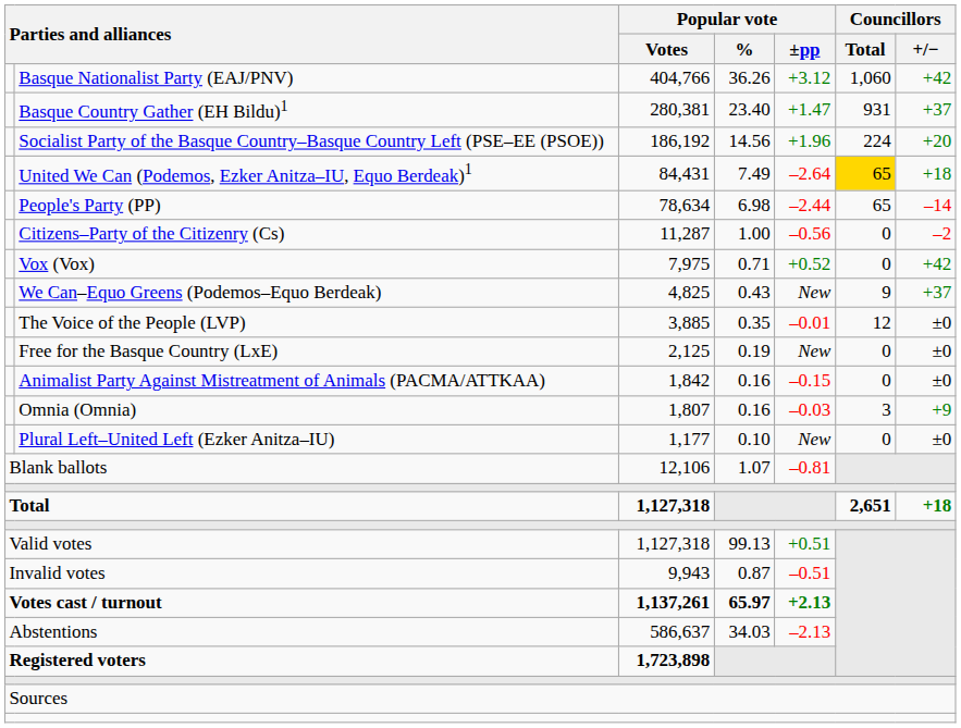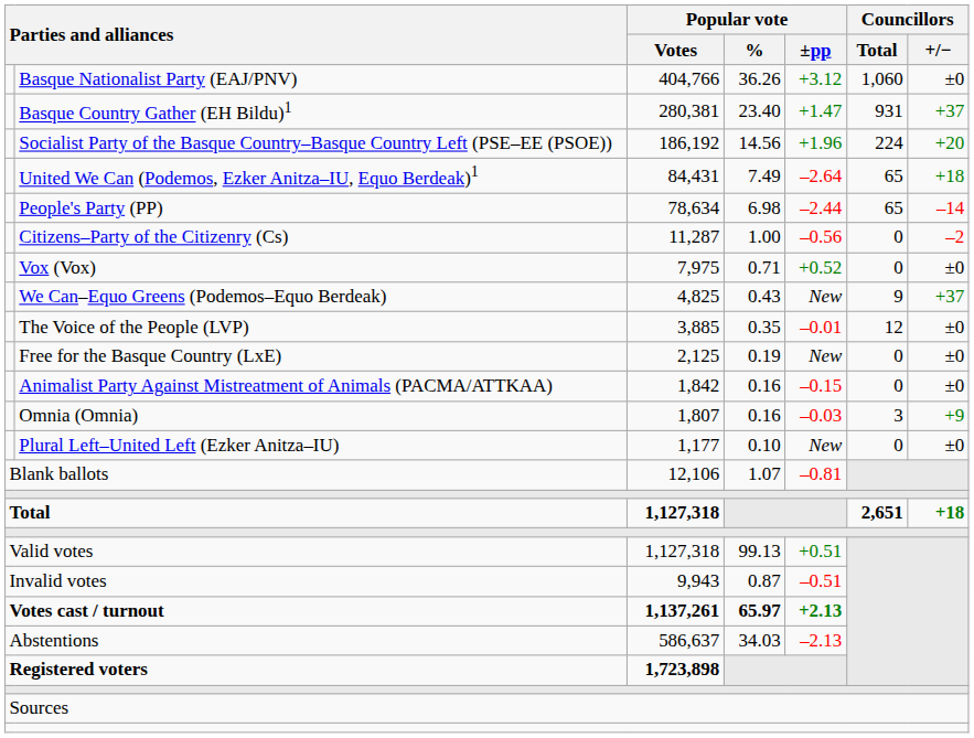 <table class="wikitable" style="text-align:right;">
 <tr>
 <th style="text-align:left;" rowspan="2" colspan="2" width="525">Parties and alliances</th>
 <th colspan="3">Popular vote</th>
 <th colspan="2">Councillors</th>
 </tr>
 <tr>
 <th width="75">Votes</th>
 <th width="45">%</th>
 <th width="45">±<a href='#'>pp</a></th>
 <th width="45">Total</th>
 <th width="45">+/−</th>
 </tr>
 <tr>
 <td width="1" style="color:inherit;background:"></td>
 <td align="left"><a href='#'>Basque Nationalist Party</a> (EAJ/PNV)</td>
 <td>404,766</td>
 <td>36.26</td>
 <td style="color:green;">+3.12</td>
 <td>1,060</td>
-<td style="color:green;">+42</td>
+<td>±0</td>
 </tr>
 <tr>
 <td style="color:inherit;background:"></td>
 <td align="left"><a href='#'>Basque Country Gather</a> (EH Bildu)<sup>1</sup></td>
 <td>280,381</td>
 <td>23.40</td>
 <td style="color:green;">+1.47</td>
 <td>931</td>
 <td style="color:green;">+37</td>
 </tr>
 <tr>
 <td style="color:inherit;background:"></td>
 <td align="left"><a href='#'>Socialist Party of the Basque Country–Basque Country Left</a> (PSE–EE (PSOE))</td>
 <td>186,192</td>
 <td>14.56</td>
 <td style="color:green;">+1.96</td>
 <td>224</td>
 <td style="color:green;">+20</td>
 </tr>
 <tr>
 <td style="color:inherit;background:"></td>
 <td align="left"><a href='#'>United We Can</a> (<a href='#'>Podemos</a>, <a href='#'>Ezker Anitza–IU</a>, <a href='#'>Equo Berdeak</a>)<sup>1</sup></td>
 <td>84,431</td>
 <td>7.49</td>
 <td style="color:red;">–2.64</td>
-<td style="background: gold;">65</td>
+<td>65</td>
 <td style="color:green;">+18</td>
 </tr>
 <tr>
 <td style="color:inherit;background:"></td>
 <td align="left"><a href='#'>People's Party</a> (PP)</td>
 <td>78,634</td>
 <td>6.98</td>
 <td style="color:red;">–2.44</td>
 <td>65</td>
 <td style="color:red;">–14</td>
 </tr>
 <tr>
 <td style="color:inherit;background:"></td>
 <td align="left"><a href='#'>Citizens–Party of the Citizenry</a> (Cs)</td>
 <td>11,287</td>
 <td>1.00</td>
 <td style="color:red;">–0.56</td>
 <td>0</td>
 <td style="color:red;">–2</td>
 </tr>
 <tr>
 <td style="color:inherit;background:"></td>
 <td align="left"><a href='#'>Vox</a> (Vox)</td>
 <td>7,975</td>
 <td>0.71</td>
 <td style="color:green;">+0.52</td>
 <td>0</td>
-<td style="color:green;">+42</td>
+<td>±0</td>
 </tr>
 <tr>
 <td style="color:inherit;background:"></td>
 <td align="left"><a href='#'>We Can</a>–<a href='#'>Equo Greens</a> (Podemos–Equo Berdeak)</td>
 <td>4,825</td>
 <td>0.43</td>
 <td><em>New</em></td>
 <td>9</td>
 <td style="color:green;">+37</td>
 </tr>
 <tr>
 <td style="color:inherit;background:"></td>
 <td align="left">The Voice of the People (LVP)</td>
 <td>3,885</td>
 <td>0.35</td>
 <td style="color:red;">–0.01</td>
 <td>12</td>
 <td>±0</td>
 </tr>
 <tr>
 <td style="color:inherit;background:"></td>
 <td align="left">Free for the Basque Country (LxE)</td>
 <td>2,125</td>
 <td>0.19</td>
 <td><em>New</em></td>
 <td>0</td>
 <td>±0</td>
 </tr>
 <tr>
 <td style="color:inherit;background:"></td>
 <td align="left"><a href='#'>Animalist Party Against Mistreatment of Animals</a> (PACMA/ATTKAA)</td>
 <td>1,842</td>
 <td>0.16</td>
 <td style="color:red;">–0.15</td>
 <td>0</td>
 <td>±0</td>
 </tr>
 <tr>
 <td style="color:inherit;background:"></td>
 <td align="left">Omnia (Omnia)</td>
 <td>1,807</td>
 <td>0.16</td>
 <td style="color:red;">–0.03</td>
 <td>3</td>
 <td style="color:green;">+9</td>
 </tr>
 <tr>
 <td style="color:inherit;background:"></td>
 <td align="left"><a href='#'>Plural Left–United Left</a> (Ezker Anitza–IU)</td>
 <td>1,177</td>
 <td>0.10</td>
 <td><em>New</em></td>
 <td>0</td>
 <td>±0</td>
 </tr>
 <tr>
 <td align="left" colspan="2">Blank ballots</td>
 <td>12,106</td>
 <td>1.07</td>
 <td style="color:red;">–0.81</td>
 <td bgcolor="#E9E9E9" colspan="2"></td>
 </tr>
 <tr>
 <td colspan="7" bgcolor="#E9E9E9"></td>
 </tr>
 <tr style="font-weight:bold;">
 <td align="left" colspan="2">Total</td>
 <td>1,127,318</td>
 <td bgcolor="#E9E9E9" colspan="2"></td>
 <td>2,651</td>
 <td style="color:green;">+18</td>
 </tr>
 <tr>
 <td colspan="7" bgcolor="#E9E9E9"></td>
 </tr>
 <tr>
 <td align="left" colspan="2">Valid votes</td>
 <td>1,127,318</td>
 <td>99.13</td>
 <td style="color:green;">+0.51</td>
 <td bgcolor="#E9E9E9" colspan="2" rowspan="5"></td>
 </tr>
 <tr>
 <td align="left" colspan="2">Invalid votes</td>
 <td>9,943</td>
 <td>0.87</td>
 <td style="color:red;">–0.51</td>
 </tr>
 <tr style="font-weight:bold;">
 <td align="left" colspan="2">Votes cast / turnout</td>
 <td>1,137,261</td>
 <td>65.97</td>
 <td style="color:green;">+2.13</td>
 </tr>
 <tr>
 <td align="left" colspan="2">Abstentions</td>
 <td>586,637</td>
 <td>34.03</td>
 <td style="color:red;">–2.13</td>
 </tr>
 <tr style="font-weight:bold;">
 <td align="left" colspan="2">Registered voters</td>
 <td>1,723,898</td>
 <td bgcolor="#E9E9E9" colspan="2"></td>
 </tr>
 <tr>
 <td colspan="7" bgcolor="#E9E9E9"></td>
 </tr>
 <tr>
 <td align="left" colspan="7">Sources</td>
 </tr>
 <tr>
 <td colspan="7" style="text-align:left; max-width:790px;"></td>
 </tr>
 </table>
